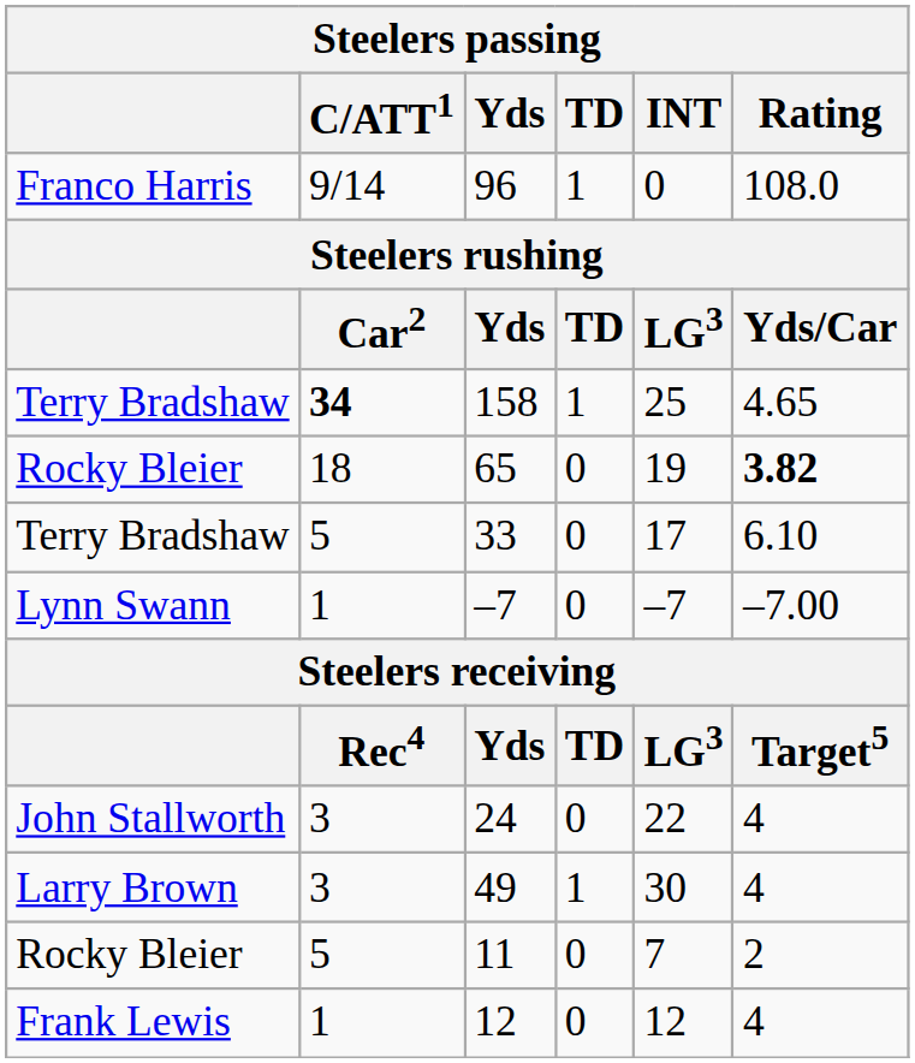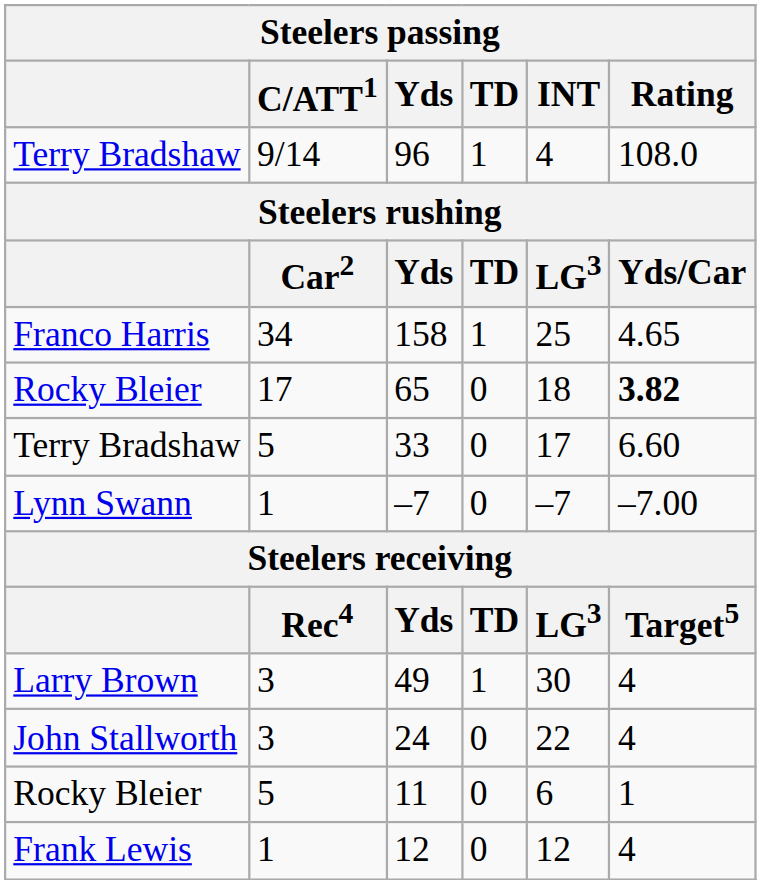 <table class="wikitable">
 <tr>
 <th colspan="6">Steelers passing</th>
 </tr>
 <tr>
 <th></th>
 <th>C/ATT<sup>1</sup></th>
 <th>Yds</th>
 <th>TD</th>
 <th>INT</th>
 <th>Rating</th>
 </tr>
 <tr>
-<td><a href='#'>Franco Harris</a></td>
+<td><a href='#'>Terry Bradshaw</a></td>
 <td>9/14</td>
 <td>96</td>
 <td>1</td>
-<td>0</td>
+<td>4</td>
 <td>108.0</td>
 </tr>
 <tr>
 <th colspan="6">Steelers rushing</th>
 </tr>
 <tr>
 <th></th>
 <th>Car<sup>2</sup></th>
 <th>Yds</th>
 <th>TD</th>
 <th>LG<sup>3</sup></th>
 <th>Yds/Car</th>
 </tr>
 <tr>
-<td><a href='#'>Terry Bradshaw</a></td>
-<td><strong>34</strong></td>
+<td><a href='#'>Franco Harris</a></td>
+<td>34</td>
 <td>158</td>
 <td>1</td>
 <td>25</td>
 <td>4.65</td>
 </tr>
 <tr>
 <td><a href='#'>Rocky Bleier</a></td>
-<td>18</td>
+<td>17</td>
 <td>65</td>
 <td>0</td>
-<td>19</td>
+<td>18</td>
 <td><strong>3.82</strong></td>
 </tr>
 <tr>
 <td>Terry Bradshaw</td>
 <td>5</td>
 <td>33</td>
 <td>0</td>
 <td>17</td>
-<td>6.10</td>
+<td>6.60</td>
 </tr>
 <tr>
 <td><a href='#'>Lynn Swann</a></td>
 <td>1</td>
 <td>–7</td>
 <td>0</td>
 <td>–7</td>
 <td>–7.00</td>
 </tr>
 <tr>
 <th colspan="6">Steelers receiving</th>
 </tr>
 <tr>
 <th></th>
 <th>Rec<sup>4</sup></th>
 <th>Yds</th>
 <th>TD</th>
 <th>LG<sup>3</sup></th>
 <th>Target<sup>5</sup></th>
 </tr>
 <tr>
+<td><a href='#'>Larry Brown</a></td>
+<td>3</td>
+<td>49</td>
+<td>1</td>
+<td>30</td>
+<td>4</td>
+</tr>
+<tr>
 <td><a href='#'>John Stallworth</a></td>
 <td>3</td>
 <td>24</td>
 <td>0</td>
 <td>22</td>
 <td>4</td>
 </tr>
 <tr>
-<td><a href='#'>Larry Brown</a></td>
-<td>3</td>
-<td>49</td>
-<td>1</td>
-<td>30</td>
-<td>4</td>
-</tr>
-<tr>
 <td>Rocky Bleier</td>
 <td>5</td>
 <td>11</td>
 <td>0</td>
-<td>7</td>
-<td>2</td>
+<td>6</td>
+<td>1</td>
 </tr>
 <tr>
 <td><a href='#'>Frank Lewis</a></td>
 <td>1</td>
 <td>12</td>
 <td>0</td>
 <td>12</td>
 <td>4</td>
 </tr>
 <tr>
 </tr>
 </table>
